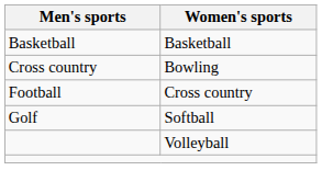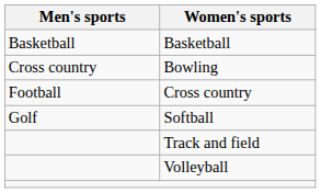 <table class="wikitable"; style= "text-align: ">
 <tr>
 <th width=150px>Men's sports</th>
 <th width=150px>Women's sports</th>
 </tr>
 <tr>
 <td>Basketball</td>
 <td>Basketball</td>
 </tr>
 <tr>
 <td>Cross country</td>
 <td>Bowling</td>
 </tr>
 <tr>
 <td>Football</td>
 <td>Cross country</td>
 </tr>
 <tr>
 <td>Golf</td>
 <td>Softball</td>
 </tr>
 <tr>
 <td></td>
+<td>Track and field</td>
+</tr>
+<tr>
+<td></td>
 <td>Volleyball</td>
 </tr>
 <tr>
 <td colspan="2"></td>
 </tr>
 </table>
